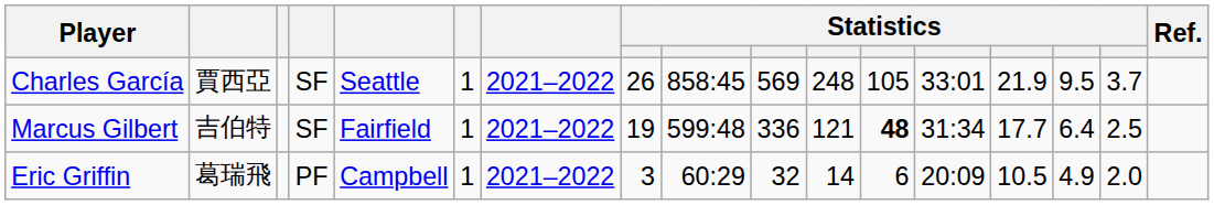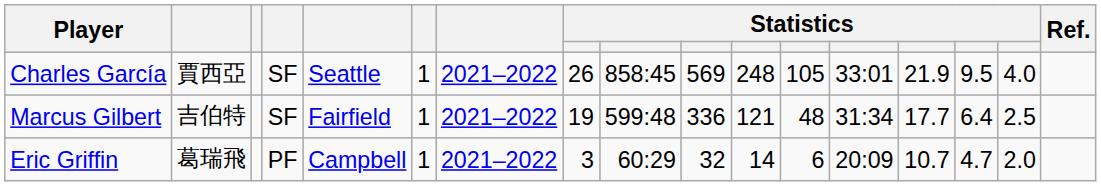 <table class="wikitable sortable" style="font-size:95%; text-align:right;">
 <tr>
 <th rowspan="2">Player</th>
 <th rowspan="2"></th>
 <th rowspan="2"></th>
 <th rowspan="2"></th>
 <th rowspan="2"></th>
 <th rowspan="2"></th>
 <th rowspan="2"></th>
 <th colspan="9">Statistics</th>
 <th rowspan="2">Ref.</th>
 </tr>
 <tr>
 <th></th>
 <th></th>
 <th></th>
 <th></th>
 <th></th>
 <th></th>
 <th></th>
 <th></th>
 <th></th>
 </tr>
 <tr>
 <td align="left"><a href='#'>Charles García</a></td>
 <td align="left">賈西亞</td>
 <td align="center"></td>
 <td align="center">SF</td>
 <td align="left"><a href='#'>Seattle</a></td>
 <td align="center">1</td>
 <td align="center"><a href='#'>2021–2022</a></td>
 <td>26</td>
 <td>858:45</td>
 <td>569</td>
 <td>248</td>
 <td>105</td>
 <td>33:01</td>
 <td>21.9</td>
 <td>9.5</td>
-<td>3.7</td>
+<td>4.0</td>
 <td align="center"></td>
 </tr>
 <tr>
 <td align="left"><a href='#'>Marcus Gilbert</a></td>
 <td align="left">吉伯特</td>
 <td align="center"></td>
 <td align="center">SF</td>
 <td align="left"><a href='#'>Fairfield</a></td>
 <td align="center">1</td>
 <td align="center"><a href='#'>2021–2022</a></td>
 <td>19</td>
 <td>599:48</td>
 <td>336</td>
 <td>121</td>
-<td><strong>48</strong></td>
+<td>48</td>
 <td>31:34</td>
 <td>17.7</td>
 <td>6.4</td>
 <td>2.5</td>
 <td align="center"></td>
 </tr>
 <tr>
 <td align="left"><a href='#'>Eric Griffin</a></td>
 <td align="left">葛瑞飛</td>
 <td align="center"></td>
 <td align="center">PF</td>
 <td align="left"><a href='#'>Campbell</a></td>
 <td align="center">1</td>
 <td align="center"><a href='#'>2021–2022</a></td>
 <td>3</td>
 <td>60:29</td>
 <td>32</td>
 <td>14</td>
 <td>6</td>
 <td>20:09</td>
-<td>10.5</td>
-<td>4.9</td>
+<td>10.7</td>
+<td>4.7</td>
 <td>2.0</td>
 <td align="center"></td>
 </tr>
 </table>
